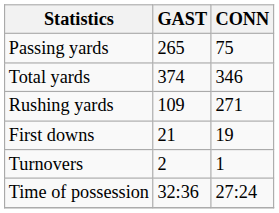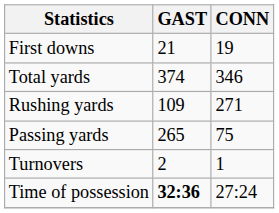 <table class="wikitable" style="float: left;">
 <tr>
 <th>Statistics</th>
 <th>GAST</th>
 <th>CONN</th>
 </tr>
 <tr>
-<td>Passing yards</td>
-<td>265</td>
-<td>75</td>
+<td>First downs</td>
+<td>21</td>
+<td>19</td>
 </tr>
 <tr>
 <td>Total yards</td>
 <td>374</td>
 <td>346</td>
 </tr>
 <tr>
 <td>Rushing yards</td>
 <td>109</td>
 <td>271</td>
 </tr>
 <tr>
-<td>First downs</td>
-<td>21</td>
-<td>19</td>
+<td>Passing yards</td>
+<td>265</td>
+<td>75</td>
 </tr>
 <tr>
 <td>Turnovers</td>
 <td>2</td>
 <td>1</td>
 </tr>
 <tr>
 <td>Time of possession</td>
-<td>32:36</td>
+<td><strong>32:36</strong></td>
 <td>27:24</td>
 </tr>
 <tr>
 </tr>
 </table>
